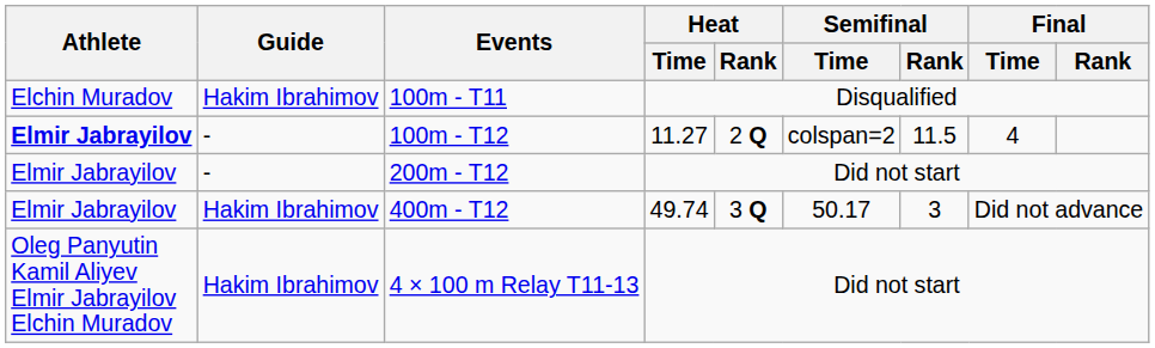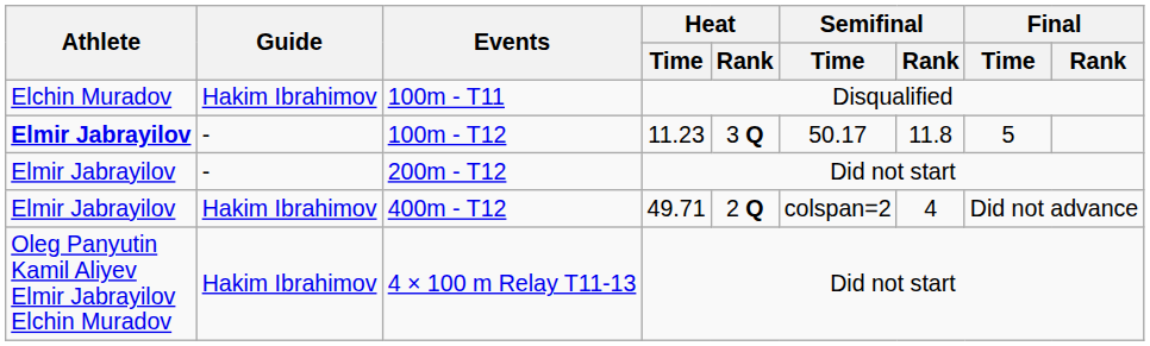 <table class=wikitable style="text-align: center; font-size:90%">
 <tr>
 <th rowspan="2">Athlete</th>
 <th rowspan="2">Guide</th>
 <th rowspan="2">Events</th>
 <th colspan="2">Heat</th>
 <th colspan="2">Semifinal</th>
 <th colspan="2">Final</th>
 </tr>
 <tr>
 <th>Time</th>
 <th>Rank</th>
 <th>Time</th>
 <th>Rank</th>
 <th>Time</th>
 <th>Rank</th>
 </tr>
 <tr>
 <td align=left><a href='#'>Elchin Muradov</a></td>
 <td align=left><a href='#'>Hakim Ibrahimov</a></td>
 <td align=left><a href='#'>100m - T11</a></td>
 <td colspan=6>Disqualified</td>
 </tr>
 <tr>
 <td align=left><strong><a href='#'>Elmir Jabrayilov</a></strong></td>
 <td align=left>-</td>
 <td align=left><a href='#'>100m - T12</a></td>
-<td>11.27</td>
-<td>2 <strong>Q</strong></td>
-<td>colspan=2</td>
-<td>11.5</td>
-<td>4</td>
+<td>11.23</td>
+<td>3 <strong>Q</strong></td>
+<td>50.17</td>
+<td>11.8</td>
+<td>5</td>
 </tr>
 <tr>
 <td align=left><a href='#'>Elmir Jabrayilov</a></td>
 <td align=left>-</td>
 <td align=left><a href='#'>200m - T12</a></td>
 <td colspan=6>Did not start</td>
 </tr>
 <tr>
 <td align=left><a href='#'>Elmir Jabrayilov</a></td>
 <td align=left><a href='#'>Hakim Ibrahimov</a></td>
 <td align=left><a href='#'>400m - T12</a></td>
-<td>49.74</td>
-<td>3 <strong>Q</strong></td>
-<td>50.17</td>
-<td>3</td>
+<td>49.71</td>
+<td>2 <strong>Q</strong></td>
+<td>colspan=2</td>
+<td>4</td>
 <td colspan=2>Did not advance</td>
 </tr>
 <tr>
 <td align=left><a href='#'>Oleg Panyutin</a><br><a href='#'>Kamil Aliyev</a><br><a href='#'>Elmir Jabrayilov</a><br><a href='#'>Elchin Muradov</a></td>
 <td align=left><a href='#'>Hakim Ibrahimov</a></td>
 <td align=left><a href='#'>4 × 100 m Relay T11-13</a></td>
 <td colspan=6>Did not start</td>
 </tr>
 </table>
